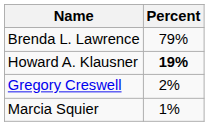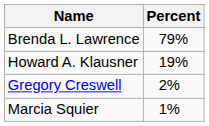 <table class="wikitable">
 <tr>
 <th>Name</th>
 <th>Percent</th>
 </tr>
 <tr>
 <td>Brenda L. Lawrence</td>
 <td>   79%</td>
 </tr>
 <tr>
 <td>Howard A. Klausner</td>
-<td><strong>   19%</strong></td>
+<td>   19%</td>
 </tr>
 <tr>
 <td><a href='#'>Gregory Creswell</a></td>
 <td>   2%</td>
 </tr>
 <tr>
 <td>Marcia Squier</td>
 <td>   1%</td>
 </tr>
 </table>
